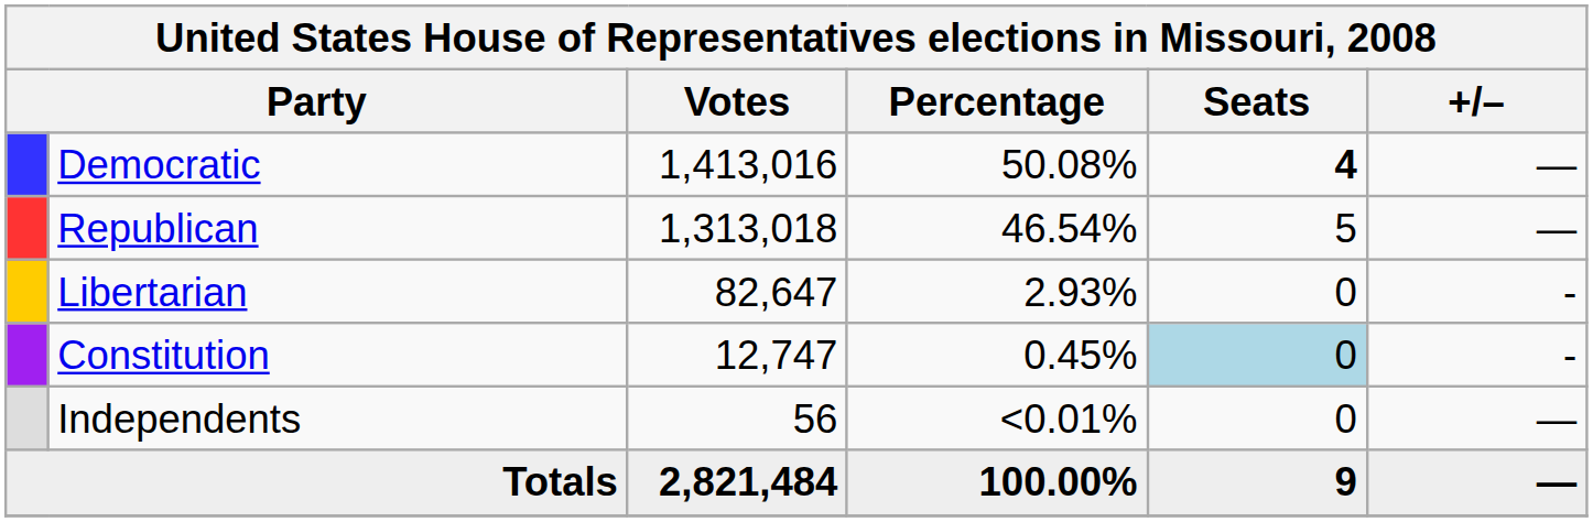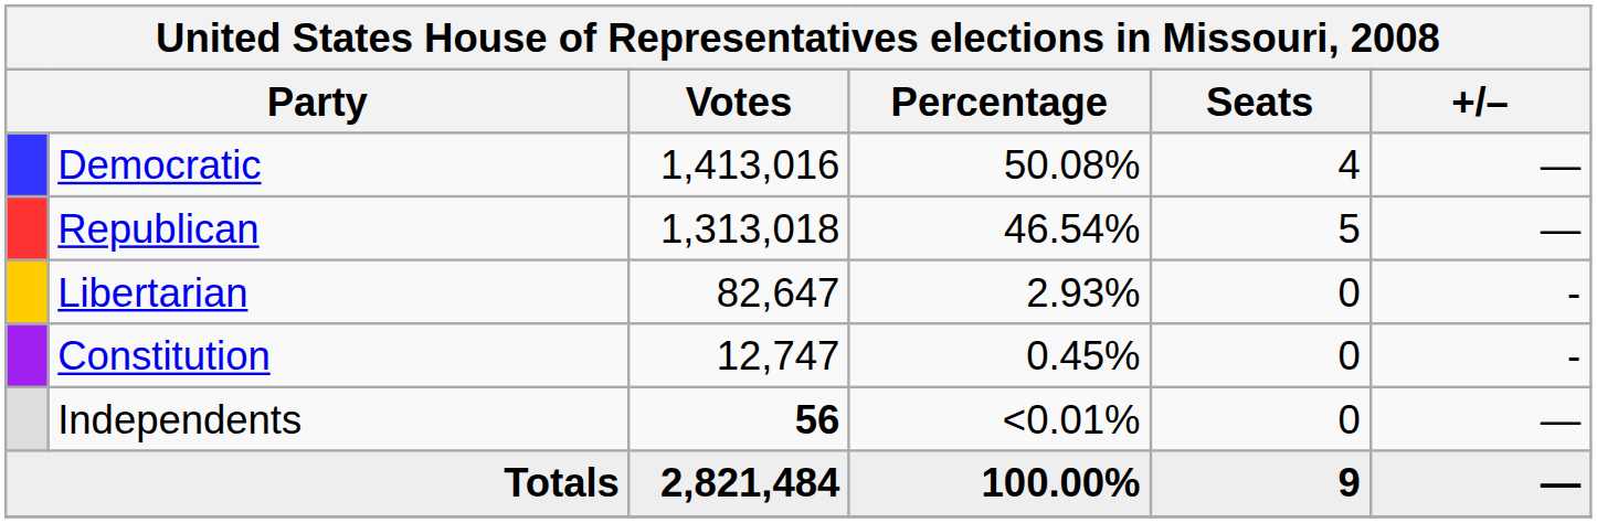 <table class="wikitable" style="font-size: 95%;">
 <tr>
 <th colspan="6">United States House of Representatives elections in Missouri, 2008</th>
 </tr>
 <tr>
 <th colspan=2 style="width: 15em">Party</th>
 <th style="width: 5em">Votes</th>
 <th style="width: 7em">Percentage</th>
 <th style="width: 5em">Seats</th>
 <th style="width: 5em">+/–</th>
 </tr>
 <tr>
 <th style="background-color:#3333FF; width: 3px"></th>
 <td style="width: 130px"><a href='#'>Democratic</a></td>
 <td align="right">1,413,016</td>
 <td align="right">50.08%</td>
-<td align="right"><strong>4</strong></td>
+<td align="right">4</td>
 <td align="right">—</td>
 </tr>
 <tr>
 <th style="background-color:#FF3333; width: 3px"></th>
 <td style="width: 130px"><a href='#'>Republican</a></td>
 <td align="right">1,313,018</td>
 <td align="right">46.54%</td>
 <td align="right">5</td>
 <td align="right">—</td>
 </tr>
 <tr>
 <th style="background-color:#FFCC00; width: 3px"></th>
 <td style="width: 130px"><a href='#'>Libertarian</a></td>
 <td align="right">82,647</td>
 <td align="right">2.93%</td>
 <td align="right">0</td>
 <td align="right">-</td>
 </tr>
 <tr>
 <th style="background-color:#A020F0; width: 3px"></th>
 <td style="width: 130px"><a href='#'>Constitution</a></td>
 <td align="right">12,747</td>
 <td align="right">0.45%</td>
-<td align="right" style="background: lightblue;">0</td>
+<td align="right">0</td>
 <td align="right">-</td>
 </tr>
 <tr>
 <th style="background-color:#DDDDDD; width: 3px"></th>
 <td style="width: 130px">Independents</td>
-<td align="right">56</td>
+<td align="right"><strong>56</strong></td>
 <td align="right"><0.01%</td>
 <td align="right">0</td>
 <td align="right">—</td>
 </tr>
 <tr bgcolor="#EEEEEE">
 <td colspan="2" align="right"><strong>Totals</strong></td>
 <td align="right"><strong>2,821,484</strong></td>
 <td align="right"><strong>100.00%</strong></td>
 <td align="right"><strong>9</strong></td>
 <td align="right"><strong>—</strong></td>
 </tr>
 <tr bgcolor="#EEEEEE">
 </tr>
 </table>
